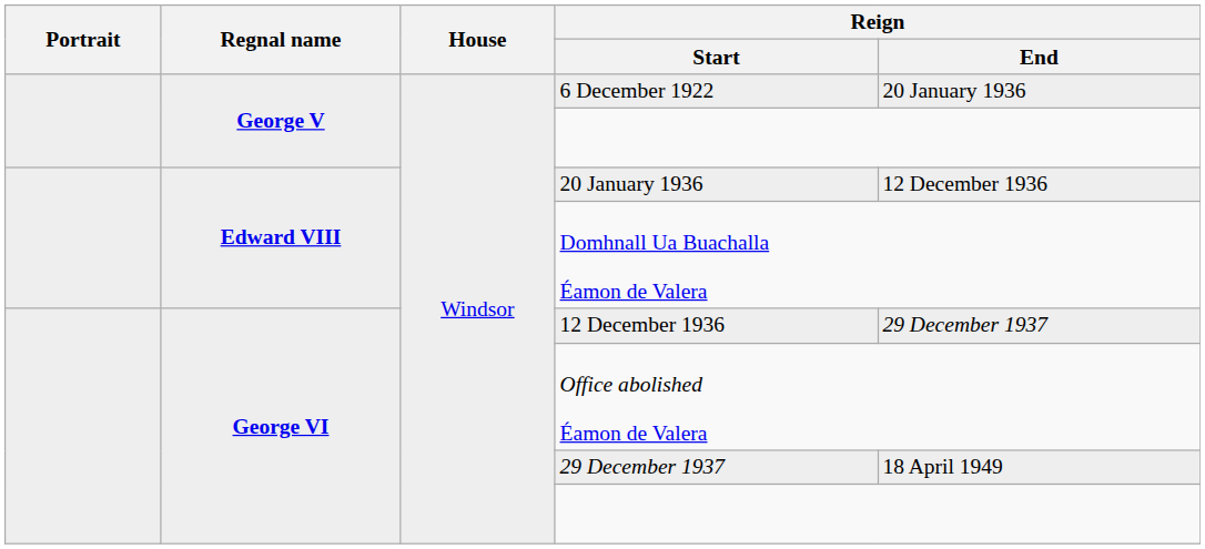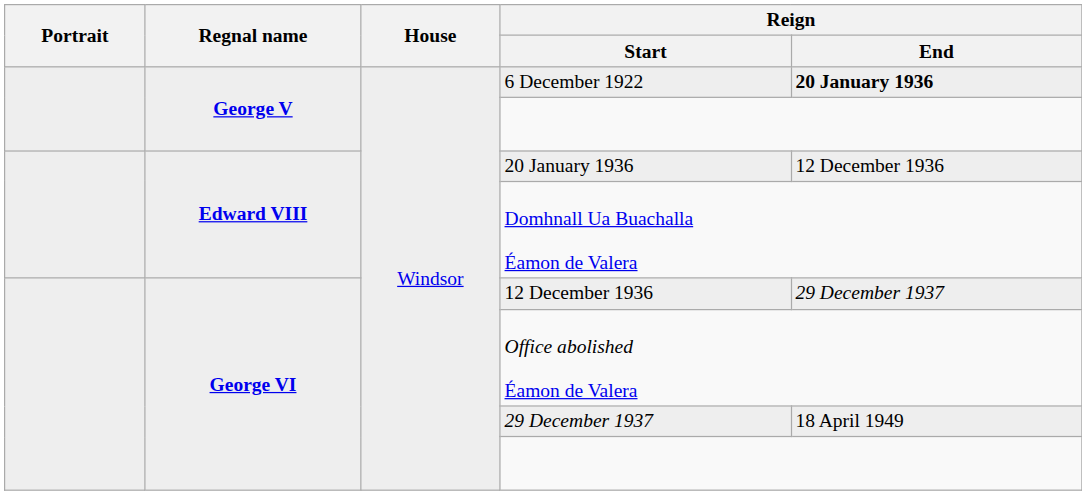 <table class="wikitable" style="width:100%;">
 <tr>
 <th rowspan="2">Portrait</th>
 <th rowspan="2" style="width:20%;">Regnal name<br></th>
 <th rowspan="2">House</th>
 <th colspan=2>Reign</th>
 </tr>
 <tr>
 <th>Start</th>
 <th>End</th>
 </tr>
 <tr style="background:#eee;">
 <td rowspan="2" style="text-align:center;"></td>
 <td rowspan="2" style="text-align:center;"><strong><a href='#'>George V</a></strong><br></td>
 <td rowspan="8" style="text-align:center;"><a href='#'>Windsor</a></td>
 <td>6 December 1922</td>
-<td>20 January 1936</td>
+<td><strong>20 January 1936</strong></td>
 </tr>
 <tr>
 <td colspan="4"><br><br></td>
 </tr>
 <tr style="background:#eee;">
 <td rowspan="2" style="text-align:center;"></td>
 <td rowspan="2" style="text-align:center;"><strong><a href='#'>Edward VIII</a></strong><br></td>
 <td>20 January 1936</td>
 <td>12 December 1936</td>
 </tr>
 <tr>
 <td colspan="4"><br><a href='#'>Domhnall Ua Buachalla</a><br><br><a href='#'>Éamon de Valera</a></td>
 </tr>
 <tr style="background:#eee;">
 <td rowspan="4" style="text-align:center;"></td>
 <td rowspan="4" style="text-align:center;"><strong><a href='#'>George VI</a></strong><br></td>
 <td>12 December 1936</td>
 <td><em>29 December 1937</em></td>
 </tr>
 <tr>
 <td colspan="4"><br><em>Office abolished</em><br><br><a href='#'>Éamon de Valera</a></td>
 </tr>
 <tr style="background:#eee;">
 <td><em>29 December 1937</em></td>
 <td>18 April 1949</td>
 </tr>
 <tr>
 <td colspan="4"><br><br></td>
 </tr>
 </table>
